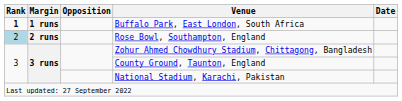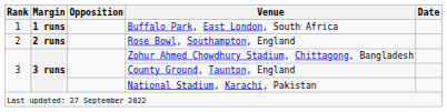 <table class="wikitable plainrowheaders">
 <tr>
 <th scope=col>Rank</th>
 <th scope=col>Margin</th>
 <th scope=col>Opposition</th>
 <th scope=col>Venue</th>
 <th scope=col>Date</th>
 </tr>
 <tr>
-<td align=center><strong>1</strong></td>
+<td align=center>1</td>
 <th scope=row style=text-align:center;>1 runs</th>
 <td></td>
 <td><a href='#'>Buffalo Park</a>, <a href='#'>East London</a>, South Africa</td>
 <td></td>
 </tr>
 <tr>
-<td align=center style="background: lightblue;">2</td>
+<td align=center>2</td>
 <th scope=row style=text-align:center;>2 runs</th>
 <td></td>
 <td><a href='#'>Rose Bowl</a>, <a href='#'>Southampton</a>, England</td>
 <td></td>
 </tr>
 <tr>
 <td rowspan="3" align="center">3</td>
 <th rowspan="3" scope="row" style="text-align:center">3 runs</th>
 <td rowspan=2></td>
 <td><a href='#'>Zohur Ahmed Chowdhury Stadium</a>, <a href='#'>Chittagong</a>, Bangladesh</td>
 <td> </td>
 </tr>
 <tr>
 <td><a href='#'>County Ground</a>, <a href='#'>Taunton</a>, England</td>
 <td></td>
 </tr>
 <tr>
 <td></td>
 <td><a href='#'>National Stadium</a>, <a href='#'>Karachi</a>, Pakistan</td>
 <td></td>
 </tr>
 <tr>
 <td colspan=5><small>Last updated: 27 September 2022</small></td>
 </tr>
 </table>
